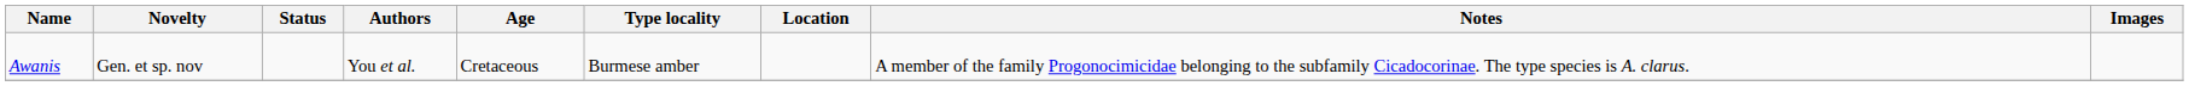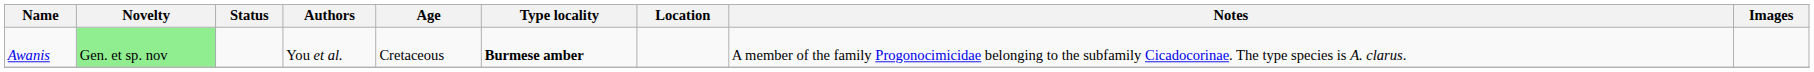 <table class="wikitable sortable" align="center" width="100%">
 <tr>
 <th>Name</th>
 <th>Novelty</th>
 <th>Status</th>
 <th>Authors</th>
 <th>Age</th>
 <th>Type locality</th>
 <th>Location</th>
 <th>Notes</th>
 <th>Images</th>
 </tr>
 <tr>
 <td><br><em><a href='#'>Awanis</a></em></td>
-<td><br>Gen. et sp. nov</td>
+<td style="background: lightgreen;"><br>Gen. et sp. nov</td>
 <td></td>
 <td><br>You <em>et al.</em></td>
 <td><br>Cretaceous</td>
-<td><br>Burmese amber</td>
+<td><strong><br>Burmese amber</strong></td>
 <td><br></td>
 <td><br>A member of the family <a href='#'>Progonocimicidae</a> belonging to the subfamily <a href='#'>Cicadocorinae</a>. The type species is <em>A. clarus</em>.</td>
 <td></td>
 </tr>
 <tr>
 </tr>
 </table>
